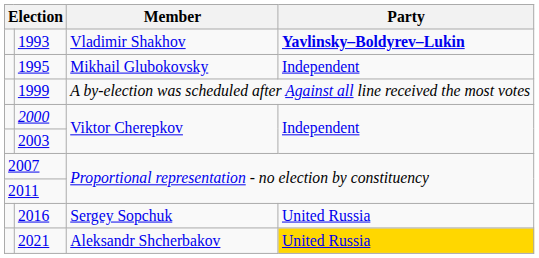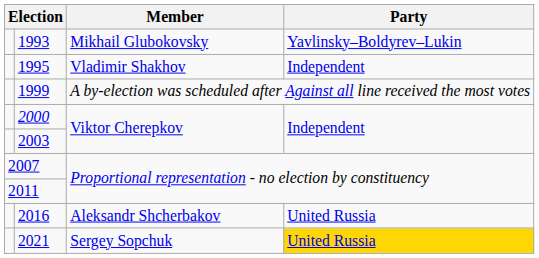 <table class="wikitable">
 <tr>
 <th colspan="2">Election</th>
 <th>Member</th>
 <th>Party</th>
 </tr>
 <tr>
 <td style="background-color:"></td>
 <td><a href='#'>1993</a></td>
-<td><a href='#'>Vladimir Shakhov</a></td>
-<td><strong><a href='#'>Yavlinsky–Boldyrev–Lukin</a></strong></td>
+<td><a href='#'>Mikhail Glubokovsky</a></td>
+<td><a href='#'>Yavlinsky–Boldyrev–Lukin</a></td>
 </tr>
 <tr>
 <td style="background-color:"></td>
 <td><a href='#'>1995</a></td>
-<td><a href='#'>Mikhail Glubokovsky</a></td>
+<td><a href='#'>Vladimir Shakhov</a></td>
 <td><a href='#'>Independent</a></td>
 </tr>
 <tr>
 <td style="background-color:"></td>
 <td><a href='#'>1999</a></td>
 <td colspan=2><em>A by-election was scheduled after <a href='#'>Against all</a> line received the most votes</em></td>
 </tr>
 <tr>
 <td style="background-color:"></td>
 <td><em><a href='#'>2000</a></em></td>
 <td rowspan=2><a href='#'>Viktor Cherepkov</a></td>
 <td rowspan=2><a href='#'>Independent</a></td>
 </tr>
 <tr>
 <td style="background-color:"></td>
 <td><a href='#'>2003</a></td>
 </tr>
 <tr>
 <td colspan=2><a href='#'>2007</a></td>
 <td colspan=2 rowspan=2><em><a href='#'>Proportional representation</a> - no election by constituency</em></td>
 </tr>
 <tr>
 <td colspan=2><a href='#'>2011</a></td>
 </tr>
 <tr>
 <td style="background-color: "></td>
 <td><a href='#'>2016</a></td>
-<td><a href='#'>Sergey Sopchuk</a></td>
+<td><a href='#'>Aleksandr Shcherbakov</a></td>
 <td><a href='#'>United Russia</a></td>
 </tr>
 <tr>
 <td style="background-color: "></td>
 <td><a href='#'>2021</a></td>
-<td><a href='#'>Aleksandr Shcherbakov</a></td>
+<td><a href='#'>Sergey Sopchuk</a></td>
 <td style="background: gold;"><a href='#'>United Russia</a></td>
 </tr>
 </table>
